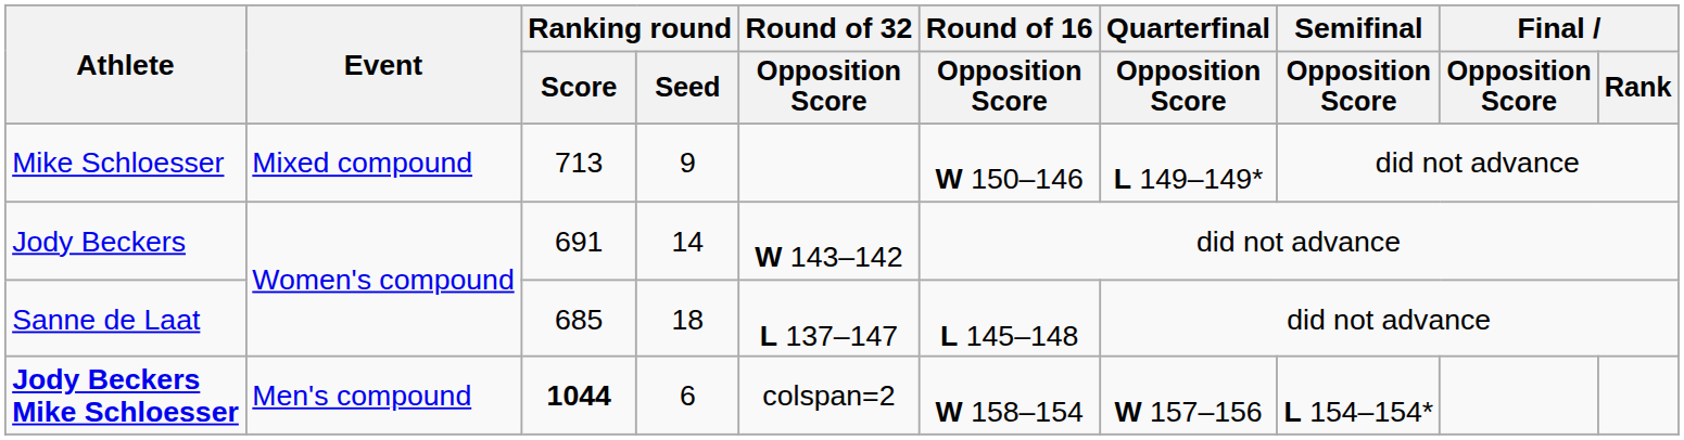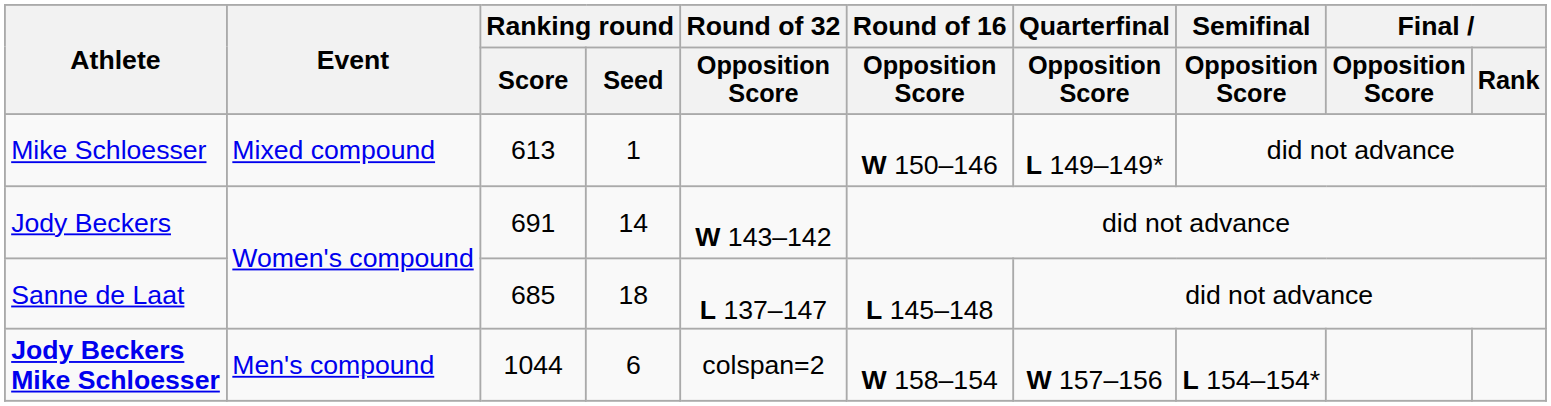 <table class="wikitable" style="font-size:90%">
 <tr>
 <th rowspan=2>Athlete</th>
 <th rowspan=2>Event</th>
 <th colspan="2">Ranking round</th>
 <th>Round of 32</th>
 <th>Round of 16</th>
 <th>Quarterfinal</th>
 <th>Semifinal</th>
 <th colspan="2">Final / </th>
 </tr>
 <tr style="font-size:95%">
 <th>Score</th>
 <th>Seed</th>
 <th>Opposition<br>Score</th>
 <th>Opposition<br>Score</th>
 <th>Opposition<br>Score</th>
 <th>Opposition<br>Score</th>
 <th>Opposition<br>Score</th>
 <th>Rank</th>
 </tr>
 <tr align=center>
 <td align=left><a href='#'>Mike Schloesser</a></td>
 <td align=left><a href='#'>Mixed compound</a></td>
-<td>713</td>
-<td>9</td>
+<td>613</td>
+<td>1</td>
 <td></td>
 <td><br><strong>W</strong> 150–146</td>
 <td><br><strong>L</strong> 149–149*</td>
 <td colspan=3>did not advance</td>
 </tr>
 <tr align=center>
 <td align=left><a href='#'>Jody Beckers</a></td>
 <td align=left rowspan=2><a href='#'>Women's compound</a></td>
 <td>691</td>
 <td>14</td>
 <td><br><strong>W</strong> 143–142</td>
 <td colspan=5>did not advance</td>
 </tr>
 <tr align=center>
 <td align=left><a href='#'>Sanne de Laat</a></td>
 <td>685</td>
 <td>18</td>
 <td><br><strong>L</strong> 137–147</td>
 <td><br><strong>L</strong> 145–148</td>
 <td colspan=4>did not advance</td>
 </tr>
 <tr align=center>
 <td align=left><strong><a href='#'>Jody Beckers</a><br><a href='#'>Mike Schloesser</a></strong></td>
 <td align=left><a href='#'>Men's compound</a></td>
-<td><strong>1044</strong></td>
+<td>1044</td>
 <td>6</td>
 <td>colspan=2 </td>
 <td><br><strong>W</strong> 158–154</td>
 <td><br><strong>W</strong> 157–156</td>
 <td><br><strong>L</strong> 154–154*</td>
 <td></td>
 </tr>
 </table>
